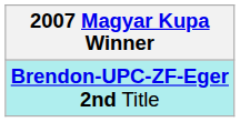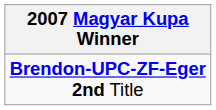 <table class=wikitable style="text-align:center; margin:auto">
 <tr>
 <th>2007 <a href='#'>Magyar Kupa</a><br>Winner</th>
 </tr>
 <tr>
-<td align=center style="background: paleturquoise;"><strong><a href='#'>Brendon-UPC-ZF-Eger</a></strong><br><strong>2nd</strong> Title</td>
+<td align=center><strong><a href='#'>Brendon-UPC-ZF-Eger</a></strong><br><strong>2nd</strong> Title</td>
 </tr>
 </table>
